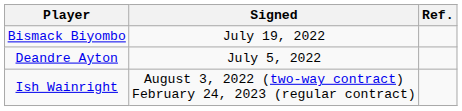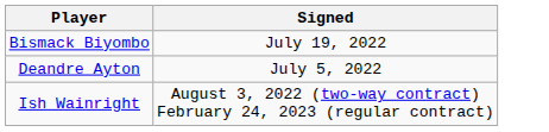 <table class="wikitable sortable sortable" style="text-align: center">
 <tr>
 <th>Player</th>
 <th>Signed</th>
-<th>Ref.</th>
 </tr>
 <tr>
 <td><a href='#'>Bismack Biyombo</a></td>
 <td>July 19, 2022</td>
-<td></td>
 </tr>
 <tr>
 <td><a href='#'>Deandre Ayton</a></td>
 <td>July 5, 2022</td>
-<td></td>
 </tr>
 <tr>
 <td><a href='#'>Ish Wainright</a></td>
 <td>August 3, 2022 (<a href='#'>two-way contract</a>)<br>February 24, 2023 (regular contract)</td>
-<td></td>
 </tr>
 </table>
